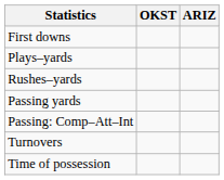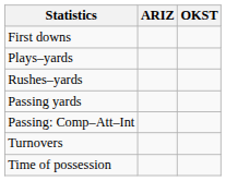 <table class="wikitable" style="float:left">
 <tr>
 <th>Statistics</th>
+<th>ARIZ</th>
 <th>OKST</th>
-<th>ARIZ</th>
 </tr>
 <tr>
 <td>First downs</td>
 <td></td>
 <td></td>
 </tr>
 <tr>
 <td>Plays–yards</td>
 <td></td>
 <td></td>
 </tr>
 <tr>
 <td>Rushes–yards</td>
 <td></td>
 <td></td>
 </tr>
 <tr>
 <td>Passing yards</td>
 <td></td>
 <td></td>
 </tr>
 <tr>
 <td>Passing: Comp–Att–Int</td>
 <td></td>
 <td></td>
 </tr>
 <tr>
 <td>Turnovers</td>
 <td></td>
 <td></td>
 </tr>
 <tr>
 <td>Time of possession</td>
 <td></td>
 <td></td>
 </tr>
 </table>
